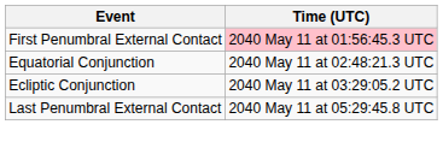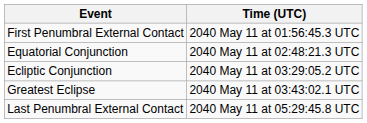 <table class="wikitable">
 <tr>
 <th>Event</th>
 <th>Time (UTC)</th>
 </tr>
 <tr>
 <td>First Penumbral External Contact</td>
-<td style="background: pink;">2040 May 11 at 01:56:45.3 UTC</td>
+<td>2040 May 11 at 01:56:45.3 UTC</td>
 </tr>
 <tr>
 <td>Equatorial Conjunction</td>
 <td>2040 May 11 at 02:48:21.3 UTC</td>
 </tr>
 <tr>
 <td>Ecliptic Conjunction</td>
 <td>2040 May 11 at 03:29:05.2 UTC</td>
 </tr>
 <tr>
+<td>Greatest Eclipse</td>
+<td>2040 May 11 at 03:43:02.1 UTC</td>
+</tr>
+<tr>
 <td>Last Penumbral External Contact</td>
 <td>2040 May 11 at 05:29:45.8 UTC</td>
 </tr>
 </table>
